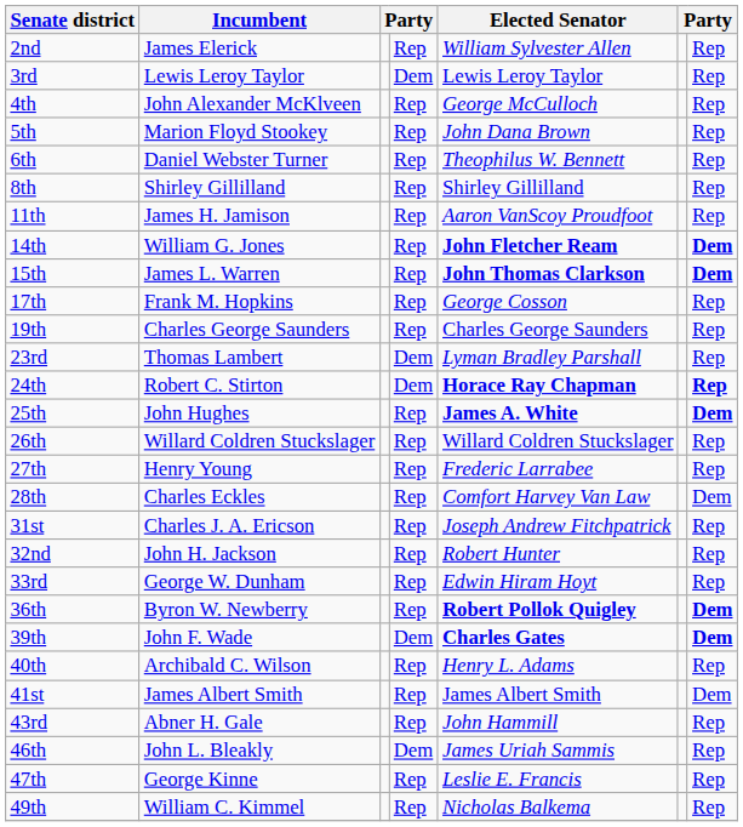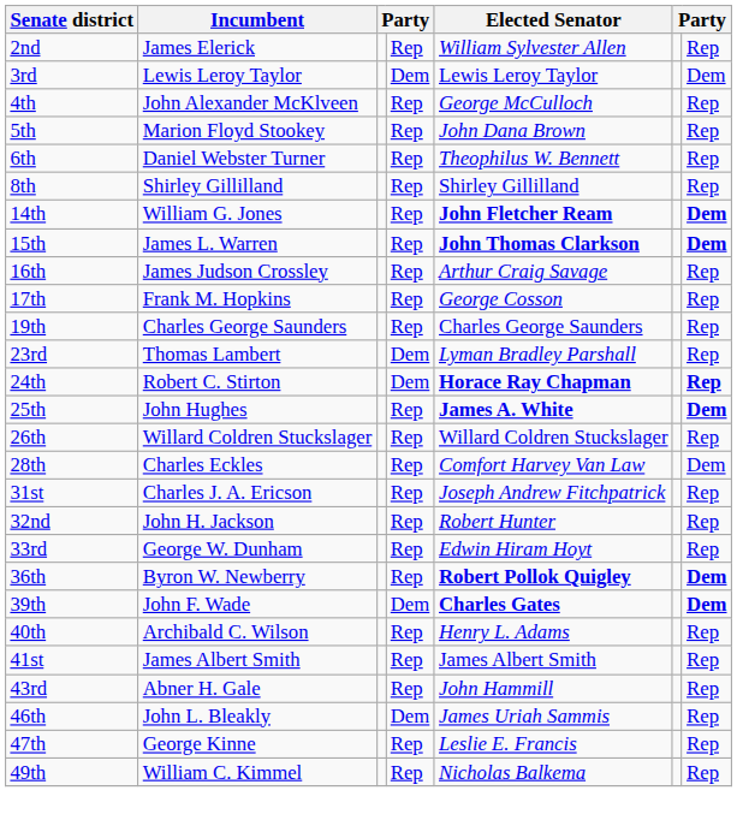 <table class="sortable wikitable" style="font-size:95%;line-height:14px;">
 <tr>
 <th class="sortable"><a href='#'>Senate</a> district</th>
 <th class="unsortable"><a href='#'>Incumbent</a></th>
 <th colspan="2">Party</th>
 <th class="unsortable">Elected Senator</th>
 <th colspan="2">Party</th>
 </tr>
 <tr>
 <td><a href='#'>2nd</a></td>
 <td><a href='#'>James Elerick</a></td>
 <td style="background:"></td>
 <td><a href='#'>Rep</a></td>
 <td><em><a href='#'>William Sylvester Allen</a></em></td>
 <td style="background:"></td>
 <td><a href='#'>Rep</a></td>
 </tr>
 <tr>
 <td><a href='#'>3rd</a></td>
 <td><a href='#'>Lewis Leroy Taylor</a></td>
 <td style="background:"></td>
 <td><a href='#'>Dem</a></td>
 <td><a href='#'>Lewis Leroy Taylor</a></td>
 <td style="background:"></td>
-<td><a href='#'>Rep</a></td>
+<td><a href='#'>Dem</a></td>
 </tr>
 <tr>
 <td><a href='#'>4th</a></td>
 <td><a href='#'>John Alexander McKlveen</a></td>
 <td style="background:"></td>
 <td><a href='#'>Rep</a></td>
 <td><em><a href='#'>George McCulloch</a></em></td>
 <td style="background:"></td>
 <td><a href='#'>Rep</a></td>
 </tr>
 <tr>
 <td><a href='#'>5th</a></td>
 <td><a href='#'>Marion Floyd Stookey</a></td>
 <td style="background:"></td>
 <td><a href='#'>Rep</a></td>
 <td><em><a href='#'>John Dana Brown</a></em></td>
 <td style="background:"></td>
 <td><a href='#'>Rep</a></td>
 </tr>
 <tr>
 <td><a href='#'>6th</a></td>
 <td><a href='#'>Daniel Webster Turner</a></td>
 <td style="background:"></td>
 <td><a href='#'>Rep</a></td>
 <td><em><a href='#'>Theophilus W. Bennett</a></em></td>
 <td style="background:"></td>
 <td><a href='#'>Rep</a></td>
 </tr>
 <tr>
 <td><a href='#'>8th</a></td>
 <td><a href='#'>Shirley Gillilland</a></td>
 <td style="background:"></td>
 <td><a href='#'>Rep</a></td>
 <td><a href='#'>Shirley Gillilland</a></td>
 <td style="background:"></td>
 <td><a href='#'>Rep</a></td>
 </tr>
 <tr>
-<td><a href='#'>11th</a></td>
-<td><a href='#'>James H. Jamison</a></td>
-<td style="background:"></td>
-<td><a href='#'>Rep</a></td>
-<td><em><a href='#'>Aaron VanScoy Proudfoot</a></em></td>
-<td style="background:"></td>
-<td><a href='#'>Rep</a></td>
-</tr>
-<tr>
 <td><a href='#'>14th</a></td>
 <td><a href='#'>William G. Jones</a></td>
 <td style="background:"></td>
 <td><a href='#'>Rep</a></td>
 <td><strong><a href='#'>John Fletcher Ream</a></strong></td>
 <td style="background:"></td>
 <td><strong><a href='#'>Dem</a></strong></td>
 </tr>
 <tr>
 <td><a href='#'>15th</a></td>
 <td><a href='#'>James L. Warren</a></td>
 <td style="background:"></td>
 <td><a href='#'>Rep</a></td>
 <td><strong><a href='#'>John Thomas Clarkson</a></strong></td>
 <td style="background:"></td>
 <td><strong><a href='#'>Dem</a></strong></td>
+</tr>
+<tr>
+<td><a href='#'>16th</a></td>
+<td><a href='#'>James Judson Crossley</a></td>
+<td style="background:"></td>
+<td><a href='#'>Rep</a></td>
+<td><em><a href='#'>Arthur Craig Savage</a></em></td>
+<td style="background:"></td>
+<td><a href='#'>Rep</a></td>
 </tr>
 <tr>
 <td><a href='#'>17th</a></td>
 <td><a href='#'>Frank M. Hopkins</a></td>
 <td style="background:"></td>
 <td><a href='#'>Rep</a></td>
 <td><em><a href='#'>George Cosson</a></em></td>
 <td style="background:"></td>
 <td><a href='#'>Rep</a></td>
 </tr>
 <tr>
 <td><a href='#'>19th</a></td>
 <td><a href='#'>Charles George Saunders</a></td>
 <td style="background:"></td>
 <td><a href='#'>Rep</a></td>
 <td><a href='#'>Charles George Saunders</a></td>
 <td style="background:"></td>
 <td><a href='#'>Rep</a></td>
 </tr>
 <tr>
 <td><a href='#'>23rd</a></td>
 <td><a href='#'>Thomas Lambert</a></td>
 <td style="background:"></td>
 <td><a href='#'>Dem</a></td>
 <td><em><a href='#'>Lyman Bradley Parshall</a></em></td>
 <td style="background:"></td>
 <td><a href='#'>Rep</a></td>
 </tr>
 <tr>
 <td><a href='#'>24th</a></td>
 <td><a href='#'>Robert C. Stirton</a></td>
 <td style="background:"></td>
 <td><a href='#'>Dem</a></td>
 <td><strong><a href='#'>Horace Ray Chapman</a></strong></td>
 <td style="background:"></td>
 <td><strong><a href='#'>Rep</a></strong></td>
 </tr>
 <tr>
 <td><a href='#'>25th</a></td>
 <td><a href='#'>John Hughes</a></td>
 <td style="background:"></td>
 <td><a href='#'>Rep</a></td>
 <td><strong><a href='#'>James A. White</a></strong></td>
 <td style="background:"></td>
 <td><strong><a href='#'>Dem</a></strong></td>
 </tr>
 <tr>
 <td><a href='#'>26th</a></td>
 <td><a href='#'>Willard Coldren Stuckslager</a></td>
 <td style="background:"></td>
 <td><a href='#'>Rep</a></td>
 <td><a href='#'>Willard Coldren Stuckslager</a></td>
-<td style="background:"></td>
-<td><a href='#'>Rep</a></td>
-</tr>
-<tr>
-<td><a href='#'>27th</a></td>
-<td><a href='#'>Henry Young</a></td>
-<td style="background:"></td>
-<td><a href='#'>Rep</a></td>
-<td><em><a href='#'>Frederic Larrabee</a></em></td>
 <td style="background:"></td>
 <td><a href='#'>Rep</a></td>
 </tr>
 <tr>
 <td><a href='#'>28th</a></td>
 <td><a href='#'>Charles Eckles</a></td>
 <td style="background:"></td>
 <td><a href='#'>Rep</a></td>
 <td><em><a href='#'>Comfort Harvey Van Law</a></em></td>
 <td style="background:"></td>
 <td><a href='#'>Dem</a></td>
 </tr>
 <tr>
 <td><a href='#'>31st</a></td>
 <td><a href='#'>Charles J. A. Ericson</a></td>
 <td style="background:"></td>
 <td><a href='#'>Rep</a></td>
 <td><em><a href='#'>Joseph Andrew Fitchpatrick</a></em></td>
 <td style="background:"></td>
 <td><a href='#'>Rep</a></td>
 </tr>
 <tr>
 <td><a href='#'>32nd</a></td>
 <td><a href='#'>John H. Jackson</a></td>
 <td style="background:"></td>
 <td><a href='#'>Rep</a></td>
 <td><em><a href='#'>Robert Hunter</a></em></td>
 <td style="background:"></td>
 <td><a href='#'>Rep</a></td>
 </tr>
 <tr>
 <td><a href='#'>33rd</a></td>
 <td><a href='#'>George W. Dunham</a></td>
 <td style="background:"></td>
 <td><a href='#'>Rep</a></td>
 <td><em><a href='#'>Edwin Hiram Hoyt</a></em></td>
 <td style="background:"></td>
 <td><a href='#'>Rep</a></td>
 </tr>
 <tr>
 <td><a href='#'>36th</a></td>
 <td><a href='#'>Byron W. Newberry</a></td>
 <td style="background:"></td>
 <td><a href='#'>Rep</a></td>
 <td><strong><a href='#'>Robert Pollok Quigley</a></strong></td>
 <td style="background:"></td>
 <td><strong><a href='#'>Dem</a></strong></td>
 </tr>
 <tr>
 <td><a href='#'>39th</a></td>
 <td><a href='#'>John F. Wade</a></td>
 <td style="background:"></td>
 <td><a href='#'>Dem</a></td>
 <td><strong><a href='#'>Charles Gates</a></strong></td>
 <td style="background:"></td>
 <td><strong><a href='#'>Dem</a></strong></td>
 </tr>
 <tr>
 <td><a href='#'>40th</a></td>
 <td><a href='#'>Archibald C. Wilson</a></td>
 <td style="background:"></td>
 <td><a href='#'>Rep</a></td>
 <td><em><a href='#'>Henry L. Adams</a></em></td>
 <td style="background:"></td>
 <td><a href='#'>Rep</a></td>
 </tr>
 <tr>
 <td><a href='#'>41st</a></td>
 <td><a href='#'>James Albert Smith</a></td>
 <td style="background:"></td>
 <td><a href='#'>Rep</a></td>
 <td><a href='#'>James Albert Smith</a></td>
 <td style="background:"></td>
-<td><a href='#'>Dem</a></td>
+<td><a href='#'>Rep</a></td>
 </tr>
 <tr>
 <td><a href='#'>43rd</a></td>
 <td><a href='#'>Abner H. Gale</a></td>
 <td style="background:"></td>
 <td><a href='#'>Rep</a></td>
 <td><em><a href='#'>John Hammill</a></em></td>
 <td style="background:"></td>
 <td><a href='#'>Rep</a></td>
 </tr>
 <tr>
 <td><a href='#'>46th</a></td>
 <td><a href='#'>John L. Bleakly</a></td>
 <td style="background:"></td>
 <td><a href='#'>Dem</a></td>
 <td><em><a href='#'>James Uriah Sammis</a></em></td>
 <td style="background:"></td>
 <td><a href='#'>Rep</a></td>
 </tr>
 <tr>
 <td><a href='#'>47th</a></td>
 <td><a href='#'>George Kinne</a></td>
 <td style="background:"></td>
 <td><a href='#'>Rep</a></td>
 <td><em><a href='#'>Leslie E. Francis</a></em></td>
 <td style="background:"></td>
 <td><a href='#'>Rep</a></td>
 </tr>
 <tr>
 <td><a href='#'>49th</a></td>
 <td><a href='#'>William C. Kimmel</a></td>
 <td style="background:"></td>
 <td><a href='#'>Rep</a></td>
 <td><em><a href='#'>Nicholas Balkema</a></em></td>
 <td style="background:"></td>
 <td><a href='#'>Rep</a></td>
 </tr>
 <tr>
 </tr>
 </table>
